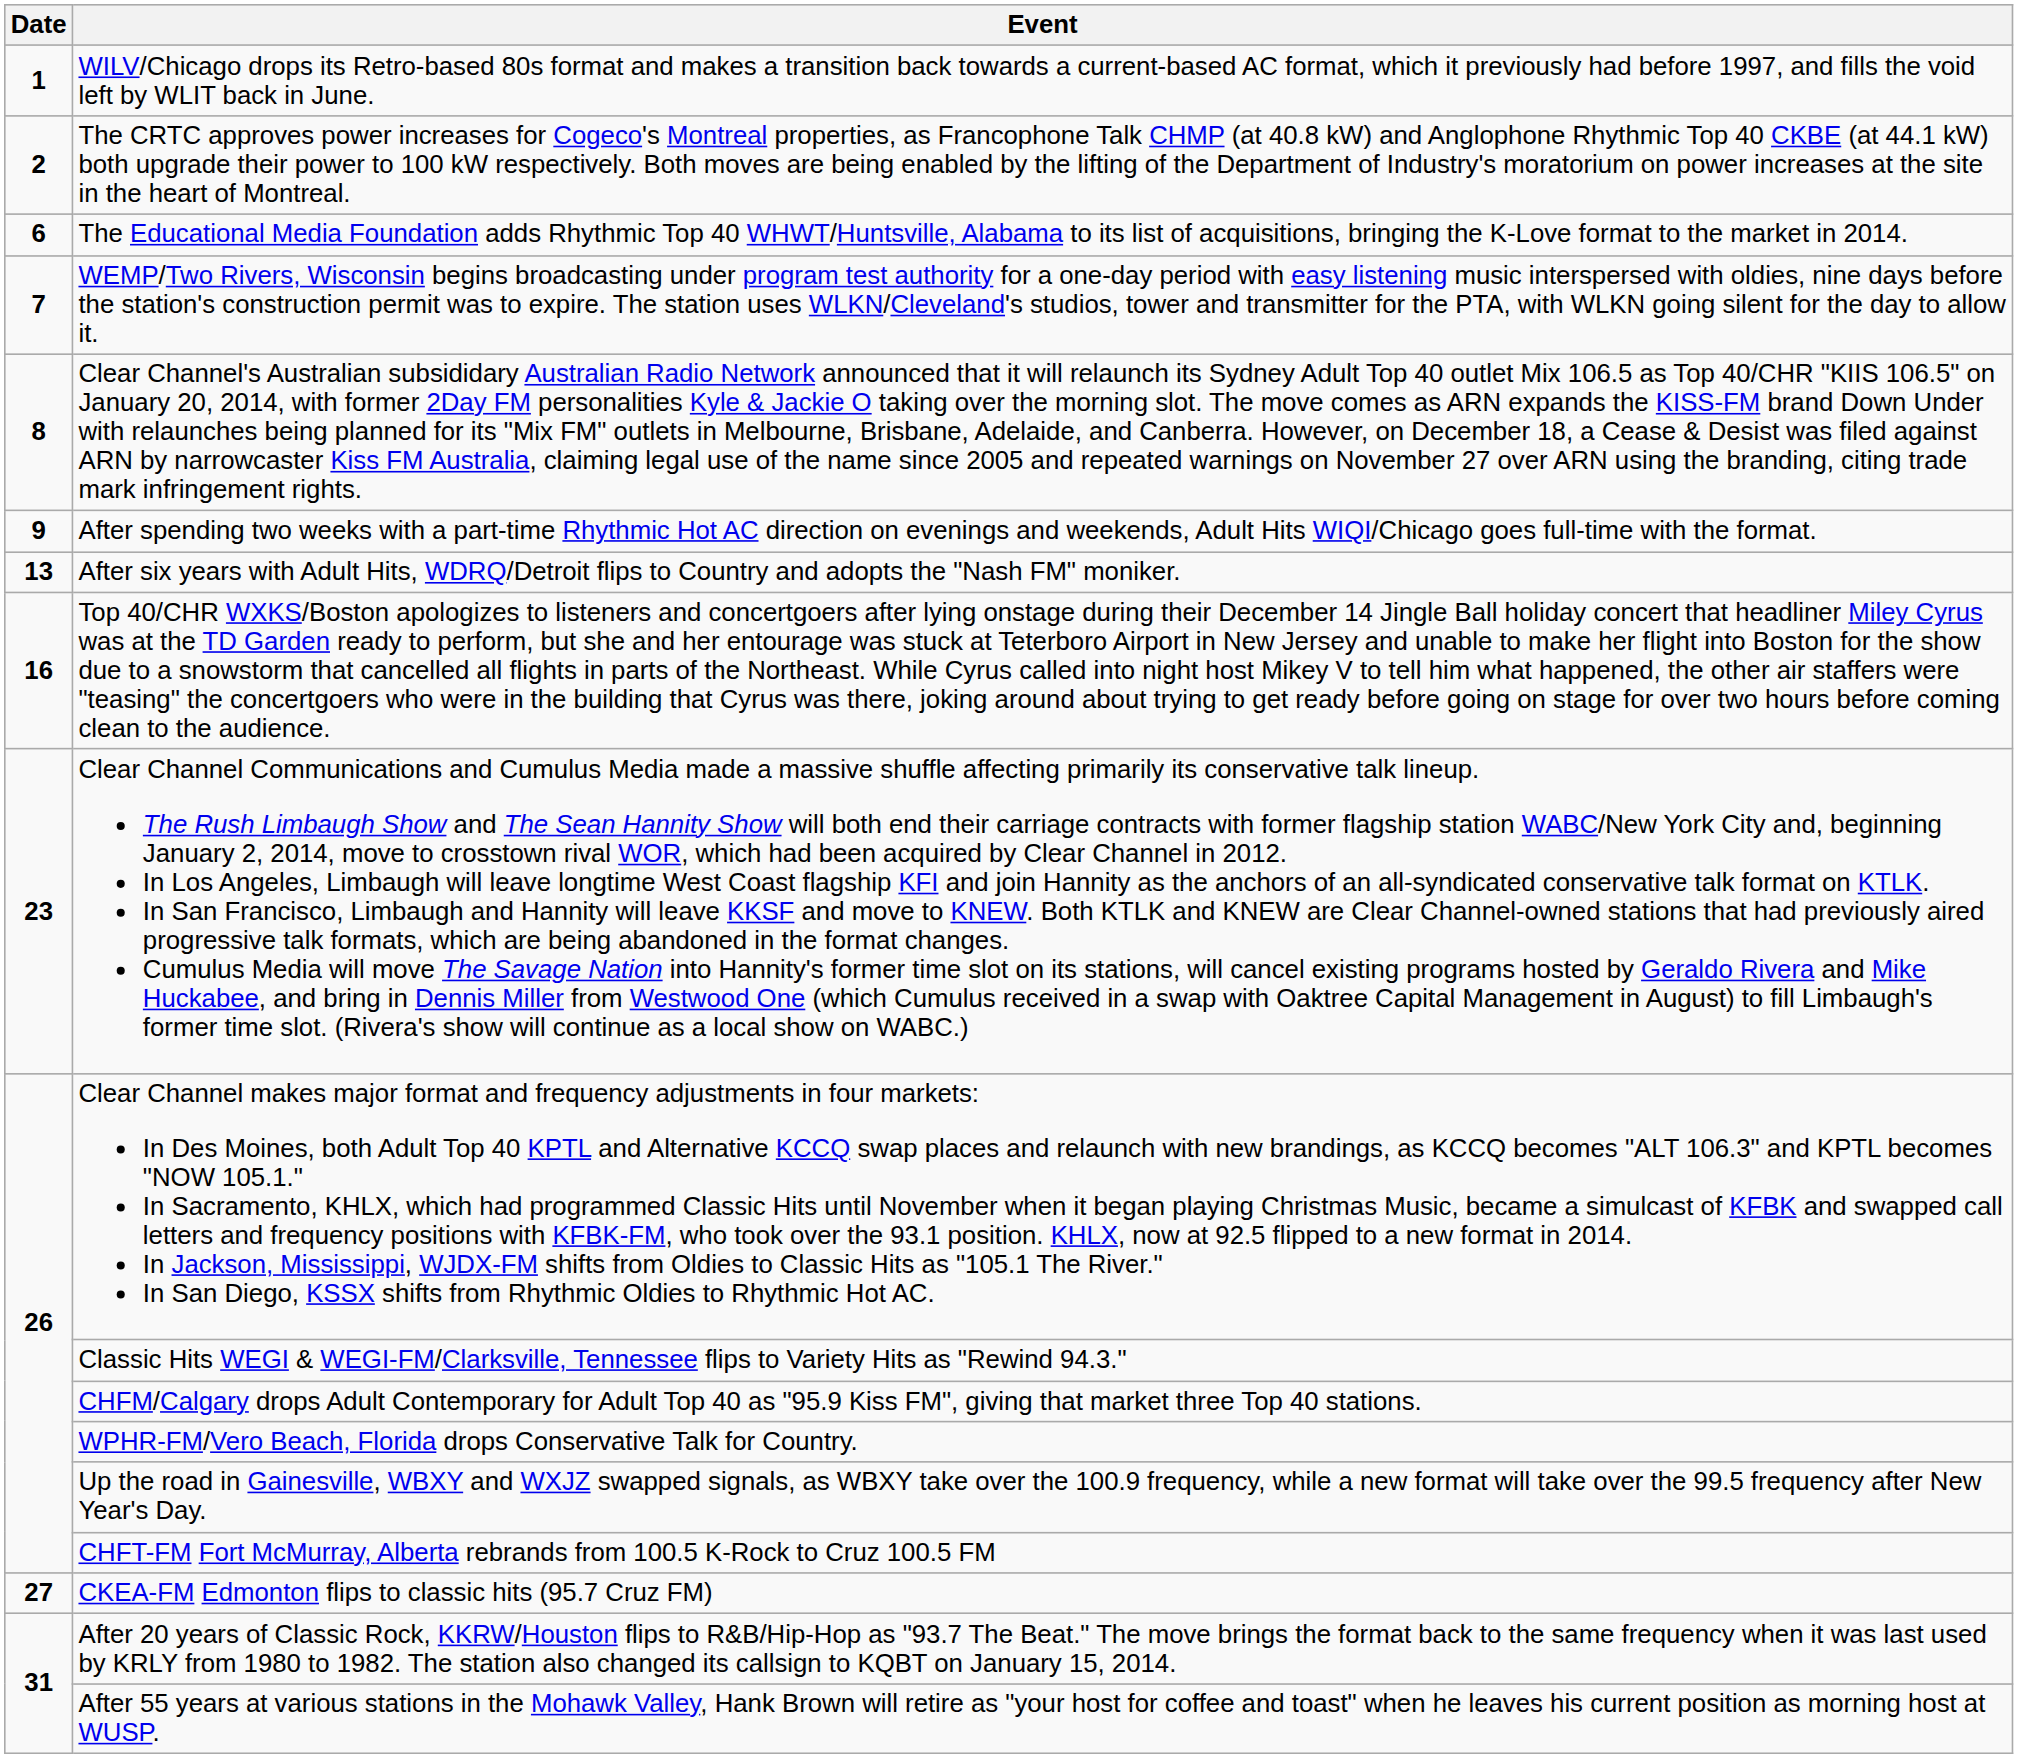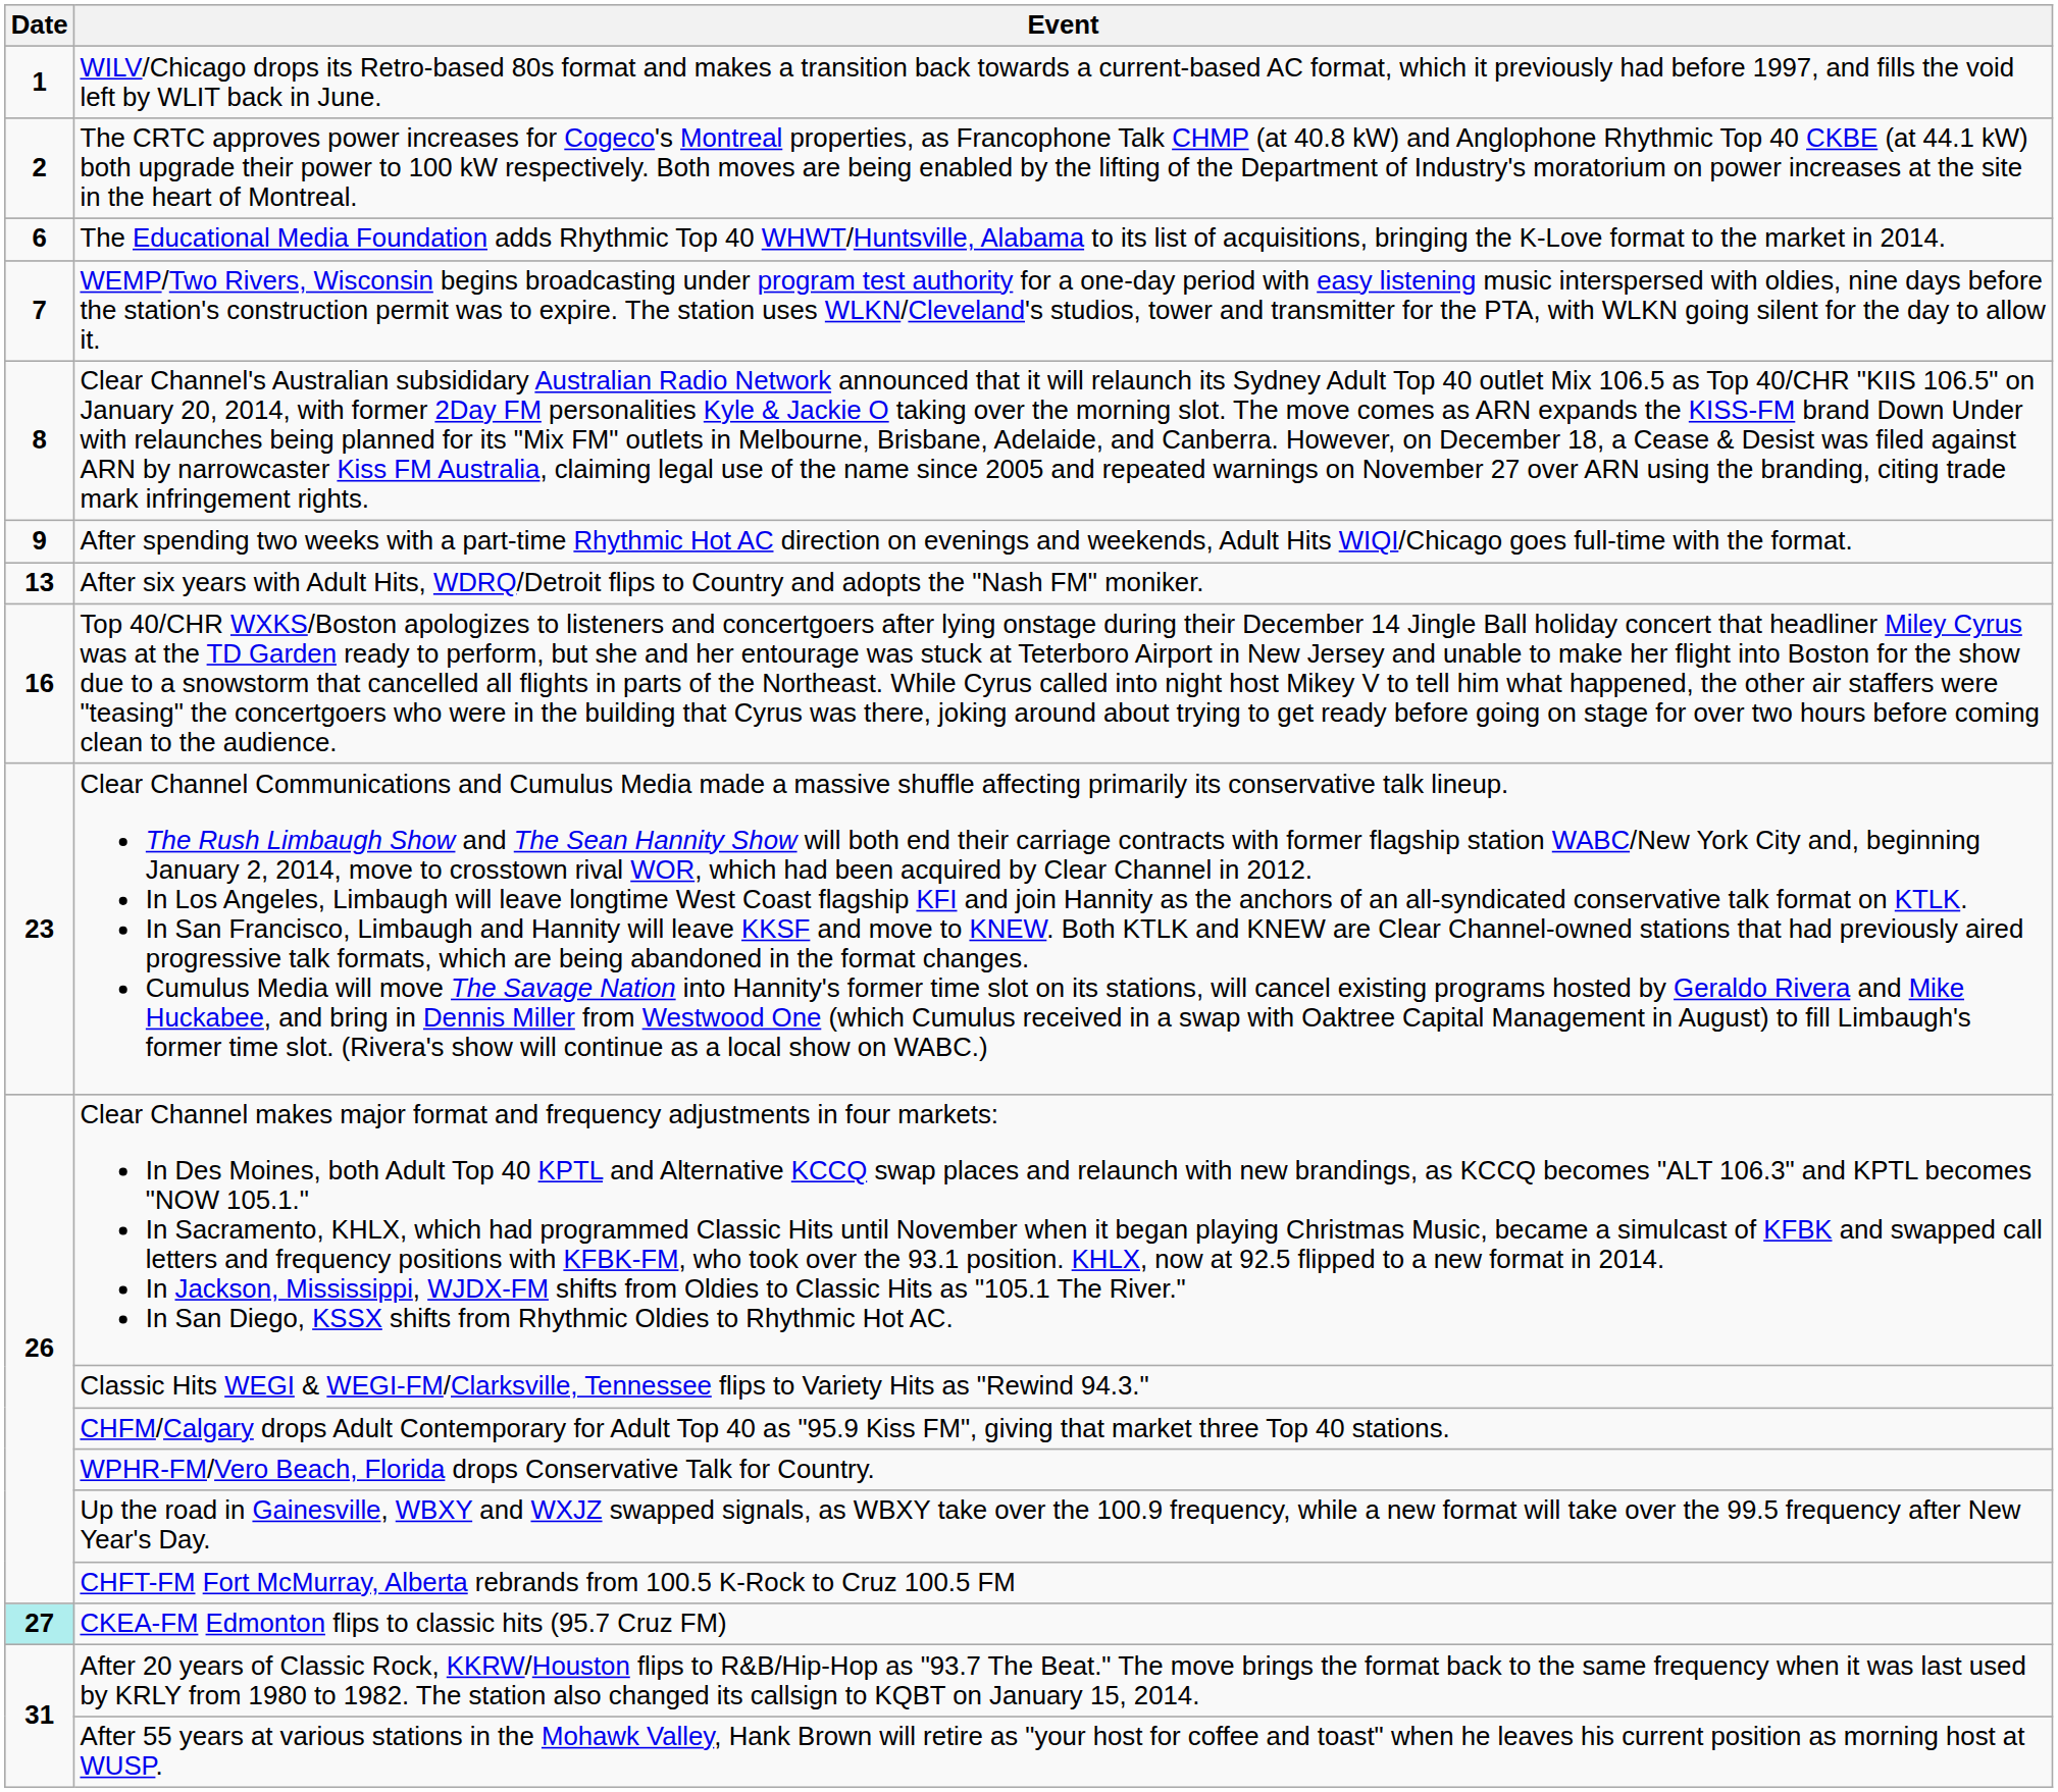 <table class="wikitable">
 <tr>
 <th>Date</th>
 <th>Event</th>
 </tr>
 <tr>
 <td style="text-align:center;"><strong>1</strong></td>
 <td><a href='#'>WILV</a>/Chicago drops its Retro-based 80s format and makes a transition back towards a current-based AC format, which it previously had before 1997, and fills the void left by WLIT back in June.</td>
 </tr>
 <tr>
 <td style="text-align:center;"><strong>2</strong></td>
 <td>The CRTC approves power increases for <a href='#'>Cogeco</a>'s <a href='#'>Montreal</a> properties, as Francophone Talk <a href='#'>CHMP</a> (at 40.8 kW) and Anglophone Rhythmic Top 40 <a href='#'>CKBE</a> (at 44.1 kW) both upgrade their power to 100 kW respectively. Both moves are being enabled by the lifting of the Department of Industry's moratorium on power increases at the site in the heart of Montreal.</td>
 </tr>
 <tr>
 <td style="text-align:center;"><strong>6</strong></td>
 <td>The <a href='#'>Educational Media Foundation</a> adds Rhythmic Top 40 <a href='#'>WHWT</a>/<a href='#'>Huntsville, Alabama</a> to its list of acquisitions, bringing the K-Love format to the market in 2014.</td>
 </tr>
 <tr>
 <td style="text-align:center;"><strong>7</strong></td>
 <td><a href='#'>WEMP</a>/<a href='#'>Two Rivers, Wisconsin</a> begins broadcasting under <a href='#'>program test authority</a> for a one-day period with <a href='#'>easy listening</a> music interspersed with oldies, nine days before the station's construction permit was to expire. The station uses <a href='#'>WLKN</a>/<a href='#'>Cleveland</a>'s studios, tower and transmitter for the PTA, with WLKN going silent for the day to allow it.</td>
 </tr>
 <tr>
 <td style="text-align:center;"><strong>8</strong></td>
 <td>Clear Channel's Australian subsididary <a href='#'>Australian Radio Network</a> announced that it will relaunch its Sydney Adult Top 40 outlet Mix 106.5 as Top 40/CHR "KIIS 106.5" on January 20, 2014, with former <a href='#'>2Day FM</a> personalities <a href='#'>Kyle & Jackie O</a> taking over the morning slot. The move comes as ARN expands the <a href='#'>KISS-FM</a> brand Down Under with relaunches being planned for its "Mix FM" outlets in Melbourne, Brisbane, Adelaide, and Canberra. However, on December 18, a Cease & Desist was filed against ARN by narrowcaster <a href='#'>Kiss FM Australia</a>, claiming legal use of the name since 2005 and repeated warnings on November 27 over ARN using the branding, citing trade mark infringement rights.</td>
 </tr>
 <tr>
 <td style="text-align:center;"><strong>9</strong></td>
 <td>After spending two weeks with a part-time <a href='#'>Rhythmic Hot AC</a> direction on evenings and weekends, Adult Hits <a href='#'>WIQI</a>/Chicago goes full-time with the format.</td>
 </tr>
 <tr>
 <td style="text-align:center;"><strong>13</strong></td>
 <td>After six years with Adult Hits, <a href='#'>WDRQ</a>/Detroit flips to Country and adopts the "Nash FM" moniker.</td>
 </tr>
 <tr>
 <td style="text-align:center;"><strong>16</strong></td>
 <td>Top 40/CHR <a href='#'>WXKS</a>/Boston apologizes to listeners and concertgoers after lying onstage during their December 14 Jingle Ball holiday concert that headliner <a href='#'>Miley Cyrus</a> was at the <a href='#'>TD Garden</a> ready to perform, but she and her entourage was stuck at Teterboro Airport in New Jersey and unable to make her flight into Boston for the show due to a snowstorm that cancelled all flights in parts of the Northeast. While Cyrus called into night host Mikey V to tell him what happened, the other air staffers were "teasing" the concertgoers who were in the building that Cyrus was there, joking around about trying to get ready before going on stage for over two hours before coming clean to the audience.</td>
 </tr>
 <tr>
 <td style="text-align:center;"><strong>23</strong></td>
 <td>Clear Channel Communications and Cumulus Media made a massive shuffle affecting primarily its conservative talk lineup.<br><ul><li><em><a href='#'>The Rush Limbaugh Show</a></em> and <em><a href='#'>The Sean Hannity Show</a></em> will both end their carriage contracts with former flagship station <a href='#'>WABC</a>/New York City and, beginning January 2, 2014, move to crosstown rival <a href='#'>WOR</a>, which had been acquired by Clear Channel in 2012.</li><li>In Los Angeles, Limbaugh will leave longtime West Coast flagship <a href='#'>KFI</a> and join Hannity as the anchors of an all-syndicated conservative talk format on <a href='#'>KTLK</a>.</li><li>In San Francisco, Limbaugh and Hannity will leave <a href='#'>KKSF</a> and move to <a href='#'>KNEW</a>. Both KTLK and KNEW are Clear Channel-owned stations that had previously aired progressive talk formats, which are being abandoned in the format changes.</li><li>Cumulus Media will move <em><a href='#'>The Savage Nation</a></em> into Hannity's former time slot on its stations, will cancel existing programs hosted by <a href='#'>Geraldo Rivera</a> and <a href='#'>Mike Huckabee</a>, and bring in <a href='#'>Dennis Miller</a> from <a href='#'>Westwood One</a> (which Cumulus received in a swap with Oaktree Capital Management in August) to fill Limbaugh's former time slot. (Rivera's show will continue as a local show on WABC.)</li></ul></td>
 </tr>
 <tr>
 <td style="text-align:center;" rowspan=6><strong>26</strong></td>
 <td>Clear Channel makes major format and frequency adjustments in four markets:<br><ul><li>In Des Moines, both Adult Top 40 <a href='#'>KPTL</a> and Alternative <a href='#'>KCCQ</a> swap places and relaunch with new brandings, as KCCQ becomes "ALT 106.3" and KPTL becomes "NOW 105.1."</li><li>In Sacramento, KHLX, which had programmed Classic Hits until November when it began playing Christmas Music, became a simulcast of <a href='#'>KFBK</a> and swapped call letters and frequency positions with <a href='#'>KFBK-FM</a>, who took over the 93.1 position. <a href='#'>KHLX</a>, now at 92.5 flipped to a new format in 2014.</li><li>In <a href='#'>Jackson, Mississippi</a>, <a href='#'>WJDX-FM</a> shifts from Oldies to Classic Hits as "105.1 The River."</li><li>In San Diego, <a href='#'>KSSX</a> shifts from Rhythmic Oldies to Rhythmic Hot AC.</li></ul></td>
 </tr>
 <tr>
 <td>Classic Hits <a href='#'>WEGI</a> & <a href='#'>WEGI-FM</a>/<a href='#'>Clarksville, Tennessee</a> flips to Variety Hits as "Rewind 94.3."</td>
 </tr>
 <tr>
 <td><a href='#'>CHFM</a>/<a href='#'>Calgary</a> drops Adult Contemporary for Adult Top 40 as "95.9 Kiss FM", giving that market three Top 40 stations.</td>
 </tr>
 <tr>
 <td><a href='#'>WPHR-FM</a>/<a href='#'>Vero Beach, Florida</a> drops Conservative Talk for Country.</td>
 </tr>
 <tr>
 <td>Up the road in <a href='#'>Gainesville</a>, <a href='#'>WBXY</a> and <a href='#'>WXJZ</a> swapped signals, as WBXY take over the 100.9 frequency, while a new format will take over the 99.5 frequency after New Year's Day.</td>
 </tr>
 <tr>
 <td><a href='#'>CHFT-FM</a> <a href='#'>Fort McMurray, Alberta</a> rebrands from 100.5 K-Rock to Cruz 100.5 FM</td>
 </tr>
 <tr>
-<td style="text-align:center;"><strong>27</strong></td>
+<td style="background: paleturquoise; text-align:center;"><strong>27</strong></td>
 <td><a href='#'>CKEA-FM</a> <a href='#'>Edmonton</a> flips to classic hits (95.7 Cruz FM)</td>
 </tr>
 <tr>
 <td style="text-align:center;" rowspan=2><strong>31</strong></td>
 <td>After 20 years of Classic Rock, <a href='#'>KKRW</a>/<a href='#'>Houston</a> flips to R&B/Hip-Hop as "93.7 The Beat." The move brings the format back to the same frequency when it was last used by KRLY from 1980 to 1982. The station also changed its callsign to KQBT on January 15, 2014.</td>
 </tr>
 <tr>
 <td>After 55 years at various stations in the <a href='#'>Mohawk Valley</a>, Hank Brown will retire as "your host for coffee and toast" when he leaves his current position as morning host at <a href='#'>WUSP</a>.</td>
 </tr>
 </table>
